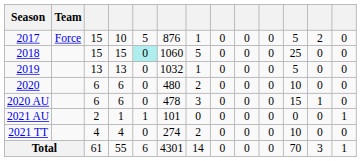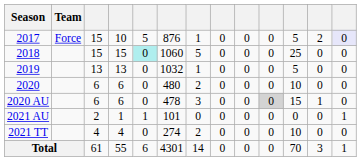 <table class="wikitable" style="text-align:center; line-height:90%; font-size:95%;">
 <tr style="line-height:175%;">
 <th>Season</th>
 <th>Team</th>
 <th style="width:25px;"></th>
 <th style="width:25px;"></th>
 <th style="width:25px;"></th>
 <th style="width:25px;"></th>
 <th style="width:25px;"></th>
 <th style="width:25px;"></th>
 <th style="width:25px;"></th>
 <th style="width:25px;"></th>
 <th style="width:25px;"></th>
 <th style="width:25px;"></th>
 <th style="width:25px;"></th>
 </tr>
 <tr>
 <td><a href='#'>2017</a></td>
 <td><a href='#'>Force</a></td>
 <td>15</td>
 <td>10</td>
 <td>5</td>
 <td>876</td>
 <td>1</td>
 <td>0</td>
 <td>0</td>
 <td>0</td>
 <td>5</td>
 <td>2</td>
-<td>0</td>
+<td style="background: lavender;">0</td>
 </tr>
 <tr>
 <td><a href='#'>2018</a></td>
 <td></td>
 <td>15</td>
 <td>15</td>
 <td style="background: paleturquoise;">0</td>
 <td>1060</td>
 <td>5</td>
 <td>0</td>
 <td>0</td>
 <td>0</td>
 <td>25</td>
 <td>0</td>
 <td>0</td>
 </tr>
 <tr>
 <td><a href='#'>2019</a></td>
 <td></td>
 <td>13</td>
 <td>13</td>
 <td>0</td>
 <td>1032</td>
 <td>1</td>
 <td>0</td>
 <td>0</td>
 <td>0</td>
 <td>5</td>
 <td>0</td>
 <td>0</td>
 </tr>
 <tr>
 <td><a href='#'>2020</a></td>
 <td></td>
 <td>6</td>
 <td>6</td>
 <td>0</td>
 <td>480</td>
 <td>2</td>
 <td>0</td>
 <td>0</td>
 <td>0</td>
 <td>10</td>
 <td>0</td>
 <td>0</td>
 </tr>
 <tr>
 <td><a href='#'>2020 AU</a></td>
 <td></td>
 <td>6</td>
 <td>6</td>
 <td>0</td>
 <td>478</td>
 <td>3</td>
 <td>0</td>
 <td>0</td>
-<td>0</td>
+<td style="background: lightgrey;">0</td>
 <td>15</td>
 <td>1</td>
 <td>0</td>
 </tr>
 <tr>
 <td><a href='#'>2021 AU</a></td>
 <td></td>
 <td>2</td>
 <td>1</td>
 <td>1</td>
 <td>101</td>
 <td>0</td>
 <td>0</td>
 <td>0</td>
 <td>0</td>
 <td>0</td>
 <td>0</td>
 <td>1</td>
 </tr>
 <tr>
 <td><a href='#'>2021 TT</a></td>
 <td></td>
 <td>4</td>
 <td>4</td>
 <td>0</td>
 <td>274</td>
 <td>2</td>
 <td>0</td>
 <td>0</td>
 <td>0</td>
 <td>10</td>
 <td>0</td>
 <td>0</td>
 </tr>
 <tr>
 <th colspan="2">Total</th>
 <td>61</td>
 <td>55</td>
 <td>6</td>
 <td>4301</td>
 <td>14</td>
 <td>0</td>
 <td>0</td>
 <td>0</td>
 <td>70</td>
 <td>3</td>
 <td>1</td>
 </tr>
 </table>
